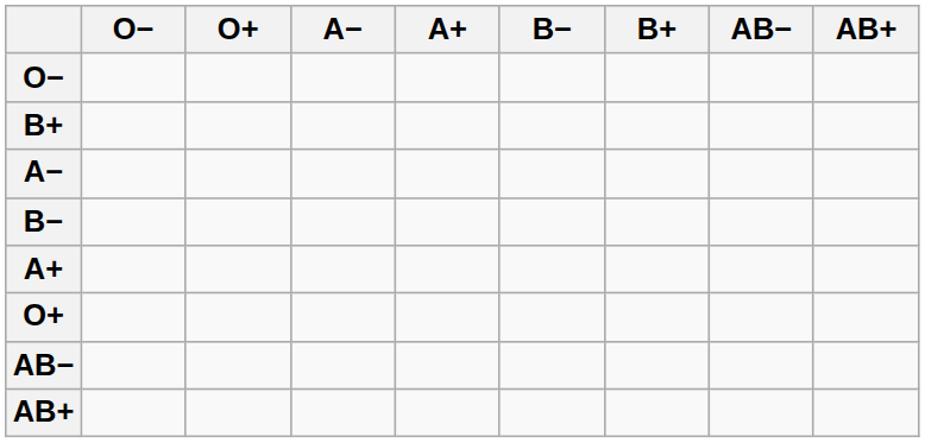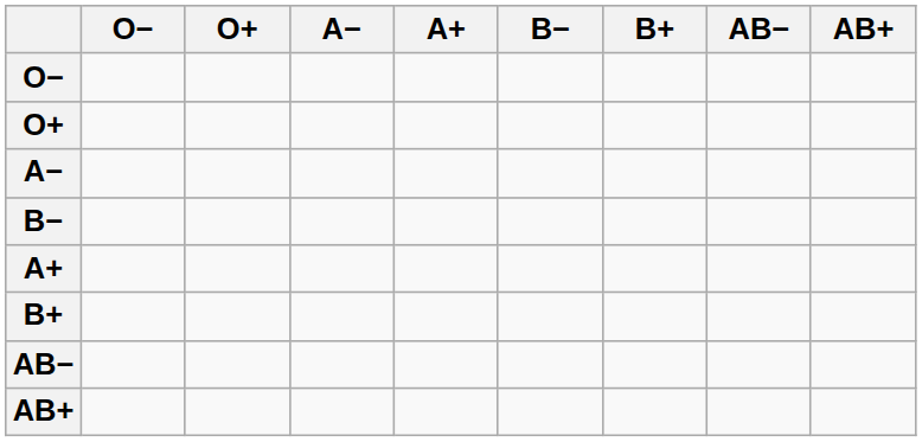 <table class="wikitable" style="text-align:center;">
 <tr>
 <th></th>
 <th>O−</th>
 <th>O+</th>
 <th>A−</th>
 <th>A+</th>
 <th>B−</th>
 <th>B+</th>
 <th>AB−</th>
 <th>AB+</th>
 </tr>
 <tr>
 <th>O−</th>
 <td style="width:3em"></td>
 <td style="width:3em"></td>
 <td style="width:3em"></td>
 <td style="width:3em"></td>
 <td style="width:3em"></td>
 <td style="width:3em"></td>
 <td style="width:3em"></td>
 <td style="width:3em"></td>
 </tr>
 <tr>
-<th>B+</th>
+<th>O+</th>
 <td></td>
 <td></td>
 <td></td>
 <td></td>
 <td></td>
 <td></td>
 <td></td>
 <td></td>
 </tr>
 <tr>
 <th>A−</th>
 <td></td>
 <td></td>
 <td></td>
 <td></td>
 <td></td>
 <td></td>
 <td></td>
 <td></td>
 </tr>
 <tr>
 <th>B−</th>
 <td></td>
 <td></td>
 <td></td>
 <td></td>
 <td></td>
 <td></td>
 <td></td>
 <td></td>
 </tr>
 <tr>
 <th>A+</th>
 <td></td>
 <td></td>
 <td></td>
 <td></td>
 <td></td>
 <td></td>
 <td></td>
 <td></td>
 </tr>
 <tr>
-<th>O+</th>
+<th>B+</th>
 <td></td>
 <td></td>
 <td></td>
 <td></td>
 <td></td>
 <td></td>
 <td></td>
 <td></td>
 </tr>
 <tr>
 <th>AB−</th>
 <td></td>
 <td></td>
 <td></td>
 <td></td>
 <td></td>
 <td></td>
 <td></td>
 <td></td>
 </tr>
 <tr>
 <th>AB+</th>
 <td></td>
 <td></td>
 <td></td>
 <td></td>
 <td></td>
 <td></td>
 <td></td>
 <td></td>
 </tr>
 </table>
